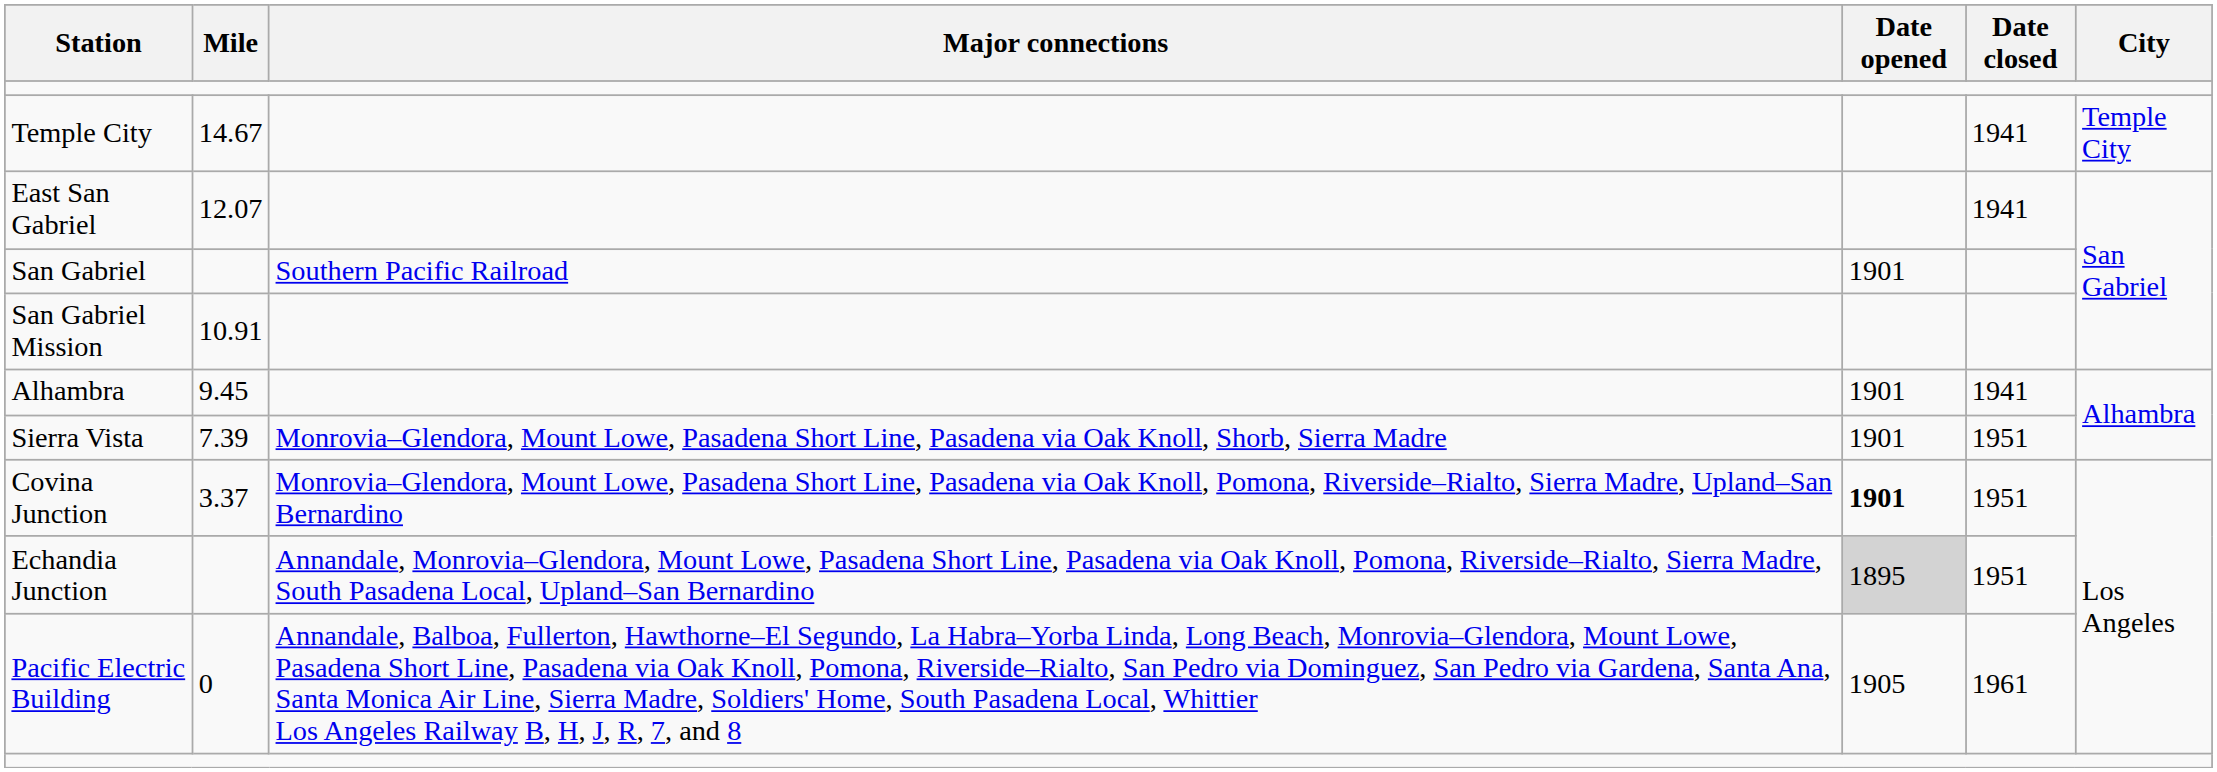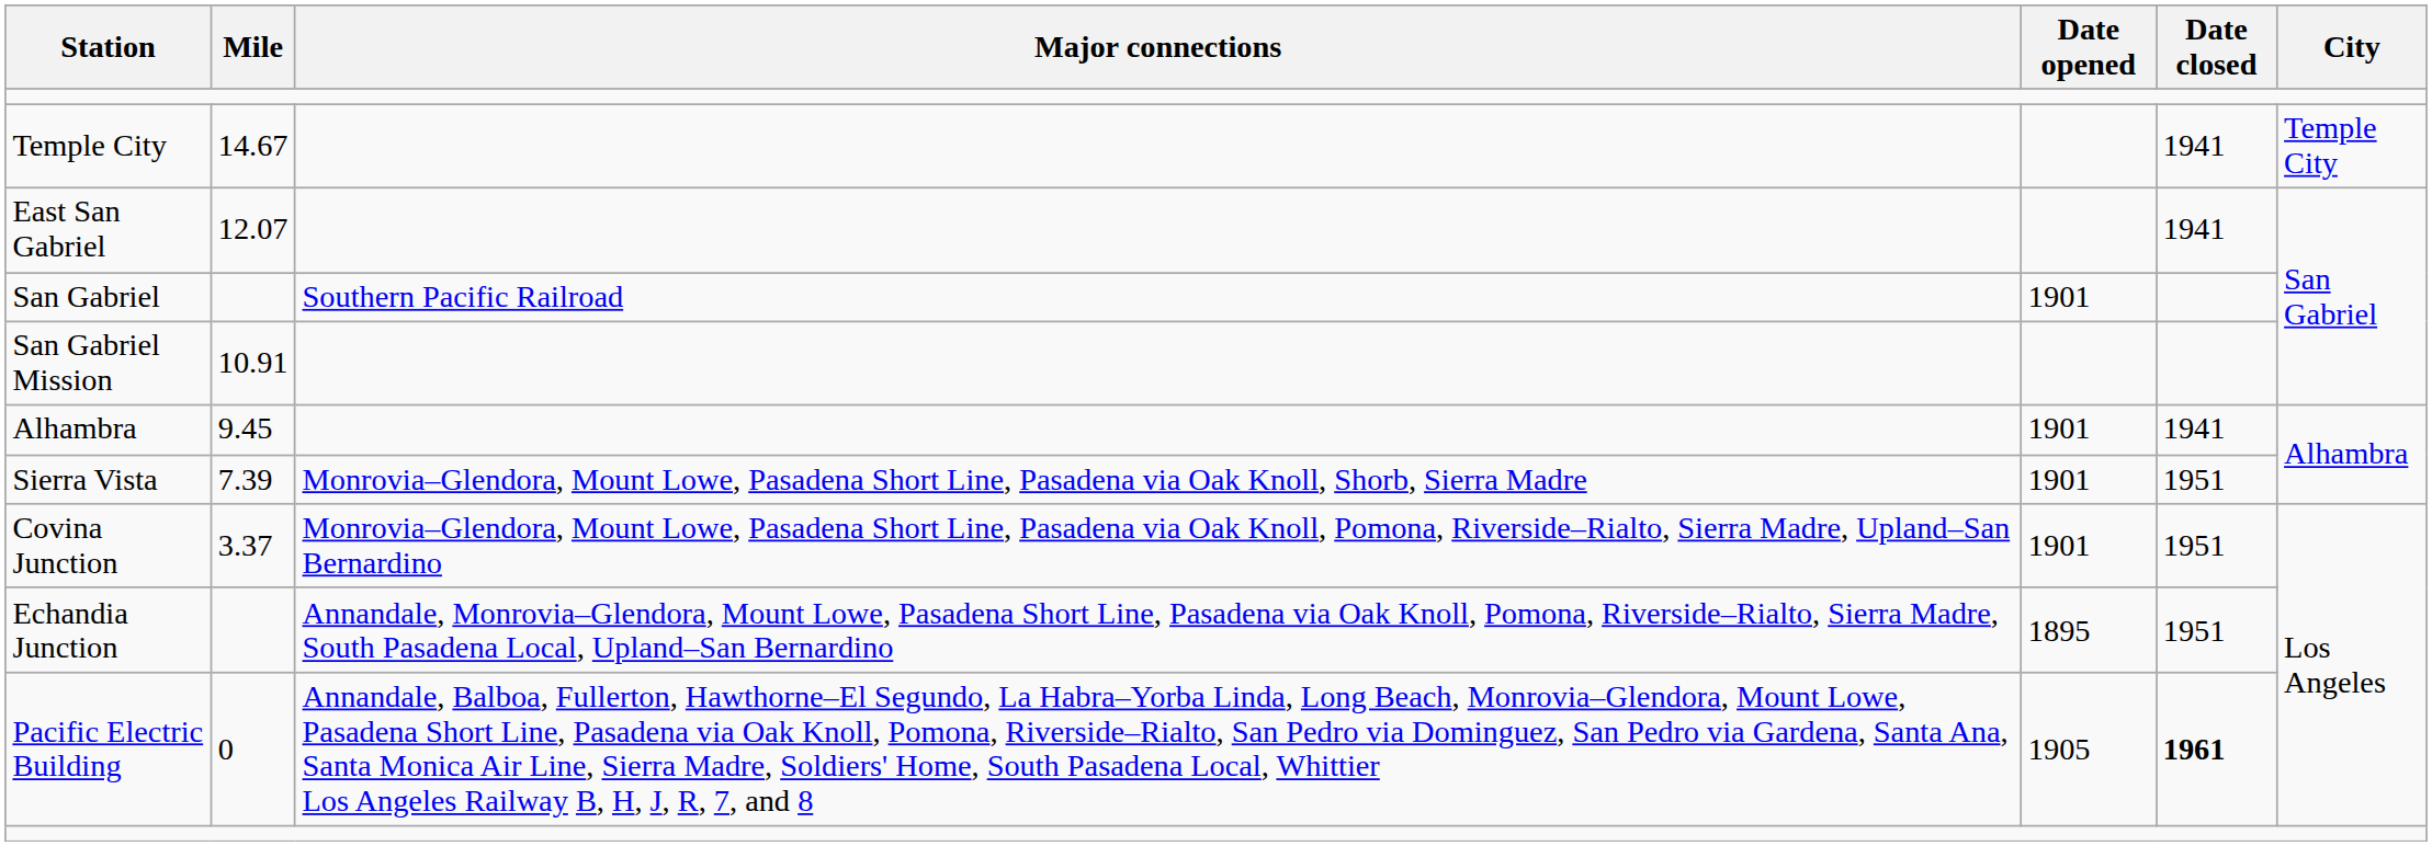 <table class="wikitable">
 <tr>
 <th>Station</th>
 <th>Mile</th>
 <th>Major connections</th>
 <th>Date opened</th>
 <th>Date closed</th>
 <th>City</th>
 </tr>
 <tr>
 <td colspan = "6"></td>
 </tr>
 <tr>
 <td>Temple City</td>
 <td>14.67</td>
 <td></td>
 <td></td>
 <td>1941</td>
 <td><a href='#'>Temple City</a></td>
 </tr>
 <tr>
 <td>East San Gabriel</td>
 <td>12.07</td>
 <td></td>
 <td></td>
 <td>1941</td>
 <td rowspan=3><a href='#'>San Gabriel</a></td>
 </tr>
 <tr>
 <td>San Gabriel</td>
 <td></td>
 <td><a href='#'>Southern Pacific Railroad</a></td>
 <td>1901</td>
 <td></td>
 </tr>
 <tr>
 <td>San Gabriel Mission</td>
 <td>10.91</td>
 <td></td>
 <td></td>
 <td></td>
 </tr>
 <tr>
 <td>Alhambra</td>
 <td>9.45</td>
 <td></td>
 <td>1901</td>
 <td>1941</td>
 <td rowspan=2><a href='#'>Alhambra</a></td>
 </tr>
 <tr>
 <td>Sierra Vista</td>
 <td>7.39</td>
 <td><a href='#'>Monrovia–Glendora</a>, <a href='#'>Mount Lowe</a>, <a href='#'>Pasadena Short Line</a>, <a href='#'>Pasadena via Oak Knoll</a>, <a href='#'>Shorb</a>, <a href='#'>Sierra Madre</a></td>
 <td>1901</td>
 <td>1951</td>
 </tr>
 <tr>
 <td>Covina Junction</td>
 <td>3.37</td>
 <td><a href='#'>Monrovia–Glendora</a>, <a href='#'>Mount Lowe</a>, <a href='#'>Pasadena Short Line</a>, <a href='#'>Pasadena via Oak Knoll</a>, <a href='#'>Pomona</a>, <a href='#'>Riverside–Rialto</a>, <a href='#'>Sierra Madre</a>, <a href='#'>Upland–San Bernardino</a></td>
-<td><strong>1901</strong></td>
+<td>1901</td>
 <td>1951</td>
 <td rowspan=3>Los Angeles</td>
 </tr>
 <tr>
 <td>Echandia Junction</td>
 <td></td>
 <td><a href='#'>Annandale</a>, <a href='#'>Monrovia–Glendora</a>, <a href='#'>Mount Lowe</a>, <a href='#'>Pasadena Short Line</a>, <a href='#'>Pasadena via Oak Knoll</a>, <a href='#'>Pomona</a>, <a href='#'>Riverside–Rialto</a>, <a href='#'>Sierra Madre</a>, <a href='#'>South Pasadena Local</a>, <a href='#'>Upland–San Bernardino</a></td>
-<td style="background: lightgrey;">1895</td>
+<td>1895</td>
 <td>1951</td>
 </tr>
 <tr>
 <td><a href='#'>Pacific Electric Building</a></td>
 <td>0</td>
 <td><a href='#'>Annandale</a>, <a href='#'>Balboa</a>, <a href='#'>Fullerton</a>, <a href='#'>Hawthorne–El Segundo</a>, <a href='#'>La Habra–Yorba Linda</a>, <a href='#'>Long Beach</a>, <a href='#'>Monrovia–Glendora</a>, <a href='#'>Mount Lowe</a>, <a href='#'>Pasadena Short Line</a>, <a href='#'>Pasadena via Oak Knoll</a>, <a href='#'>Pomona</a>, <a href='#'>Riverside–Rialto</a>, <a href='#'>San Pedro via Dominguez</a>, <a href='#'>San Pedro via Gardena</a>, <a href='#'>Santa Ana</a>, <a href='#'>Santa Monica Air Line</a>, <a href='#'>Sierra Madre</a>, <a href='#'>Soldiers' Home</a>, <a href='#'>South Pasadena Local</a>, <a href='#'>Whittier</a><br><a href='#'>Los Angeles Railway</a> <a href='#'>B</a>, <a href='#'>H</a>, <a href='#'>J</a>, <a href='#'>R</a>, <a href='#'>7</a>, and <a href='#'>8</a></td>
 <td>1905</td>
-<td>1961</td>
+<td><strong>1961</strong></td>
 </tr>
 <tr>
 <td colspan = "6"></td>
 </tr>
 </table>
